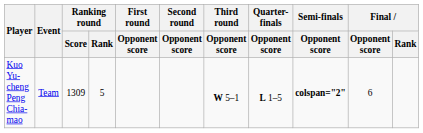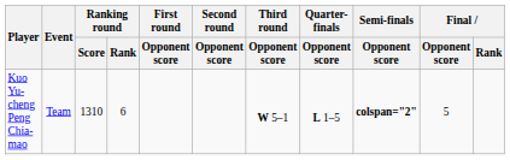 <table class="wikitable" style="font-size:90%; text-align:center">
 <tr>
 <th rowspan="2" width="150">Player</th>
 <th rowspan="2" width="100">Event</th>
 <th colspan="2">Ranking round</th>
 <th width="100">First round</th>
 <th width="100">Second round</th>
 <th width="100">Third round</th>
 <th width="100">Quarter-finals</th>
 <th width="100">Semi-finals</th>
 <th colspan="2" width="100">Final / </th>
 </tr>
 <tr>
 <th width="50">Score</th>
 <th width="50">Rank</th>
 <th>Opponent<br>score</th>
 <th>Opponent<br>score</th>
 <th>Opponent<br>score</th>
 <th>Opponent<br>score</th>
 <th>Opponent<br>score</th>
 <th>Opponent<br>score</th>
 <th>Rank</th>
 </tr>
 <tr>
 <td align="left"><a href='#'>Kuo Yu-cheng</a><br><a href='#'>Peng Chia-mao</a></td>
 <td rowspan="3"><a href='#'>Team</a></td>
-<td>1309</td>
-<td>5</td>
+<td>1310</td>
+<td>6</td>
 <td></td>
 <td></td>
 <td><br><strong>W</strong> 5–1</td>
 <td><br><strong>L</strong> 1–5</td>
 <td><strong>colspan="2" </strong></td>
-<td>6</td>
+<td>5</td>
 </tr>
 </table>
